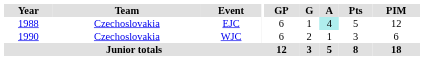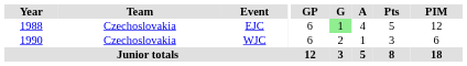 <table border="0" cellpadding="1" cellspacing="0" ID="Table3" style="text-align:center; width:40em">
 <tr bgcolor="#e0e0e0">
 <th>Year</th>
 <th>Team</th>
 <th>Event</th>
 <th rowspan="102" bgcolor="#ffffff"></th>
 <th>GP</th>
 <th>G</th>
 <th>A</th>
 <th>Pts</th>
 <th>PIM</th>
 </tr>
 <tr>
 <td><a href='#'>1988</a></td>
 <td><a href='#'>Czechoslovakia</a></td>
 <td><a href='#'>EJC</a></td>
 <td>6</td>
-<td>1</td>
-<td style="background: paleturquoise;">4</td>
+<td style="background: lightgreen;">1</td>
+<td>4</td>
 <td>5</td>
 <td>12</td>
 </tr>
 <tr>
 <td><a href='#'>1990</a></td>
 <td><a href='#'>Czechoslovakia</a></td>
 <td><a href='#'>WJC</a></td>
 <td>6</td>
 <td>2</td>
 <td>1</td>
 <td>3</td>
 <td>6</td>
 </tr>
 <tr bgcolor="#e0e0e0">
 <th colspan="4">Junior totals</th>
 <th>12</th>
 <th>3</th>
 <th>5</th>
 <th>8</th>
 <th>18</th>
 </tr>
 </table>
